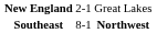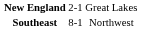 <table>
 <tr>
 <td align=center><strong>New England</strong></td>
 <td align=center>2-1</td>
 <td align=center>Great Lakes</td>
 </tr>
 <tr>
 <td align=center><strong>Southeast</strong></td>
 <td align=center>8-1</td>
-<td align=center><strong>Northwest</strong></td>
+<td align=center>Northwest</td>
 </tr>
 </table>
